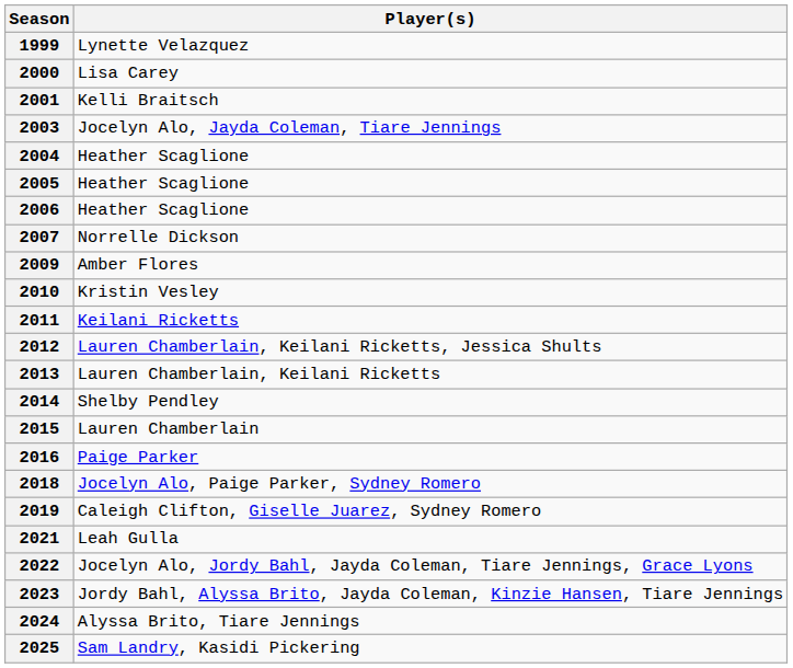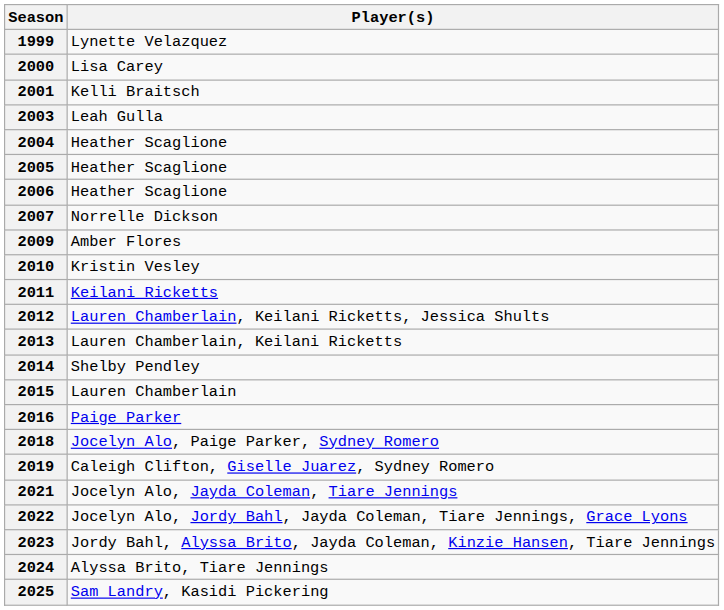 <table class="sortable plainrowheaders wikitable">
 <tr>
 <th scope="col" class="unsortable">Season</th>
 <th scope="col" class="unsortable">Player(s)</th>
 </tr>
 <tr>
 <th scope="row" style="text-align:center">1999</th>
 <td>Lynette Velazquez</td>
 </tr>
 <tr>
 <th scope="row" style="text-align:center">2000</th>
 <td>Lisa Carey</td>
 </tr>
 <tr>
 <th scope="row" style="text-align:center">2001</th>
 <td>Kelli Braitsch</td>
 </tr>
 <tr>
 <th scope="row" style="text-align:center">2003</th>
-<td>Jocelyn Alo, <a href='#'>Jayda Coleman</a>, <a href='#'>Tiare Jennings</a></td>
+<td>Leah Gulla</td>
 </tr>
 <tr>
 <th scope="row" style="text-align:center">2004</th>
 <td>Heather Scaglione</td>
 </tr>
 <tr>
 <th scope="row" style="text-align:center">2005</th>
 <td>Heather Scaglione</td>
 </tr>
 <tr>
 <th scope="row" style="text-align:center">2006</th>
 <td>Heather Scaglione</td>
 </tr>
 <tr>
 <th scope="row" style="text-align:center">2007</th>
 <td>Norrelle Dickson</td>
 </tr>
 <tr>
 <th scope="row" style="text-align:center">2009</th>
 <td>Amber Flores</td>
 </tr>
 <tr>
 <th scope="row" style="text-align:center">2010</th>
 <td>Kristin Vesley</td>
 </tr>
 <tr>
 <th scope="row" style="text-align:center">2011</th>
 <td><a href='#'>Keilani Ricketts</a></td>
 </tr>
 <tr>
 <th scope="row" style="text-align:center">2012</th>
 <td><a href='#'>Lauren Chamberlain</a>, Keilani Ricketts, Jessica Shults</td>
 </tr>
 <tr>
 <th scope="row" style="text-align:center">2013</th>
 <td>Lauren Chamberlain, Keilani Ricketts</td>
 </tr>
 <tr>
 <th scope="row" style="text-align:center">2014</th>
 <td>Shelby Pendley</td>
 </tr>
 <tr>
 <th scope="row" style="text-align:center">2015</th>
 <td>Lauren Chamberlain</td>
 </tr>
 <tr>
 <th scope="row" style="text-align:center">2016</th>
 <td><a href='#'>Paige Parker</a></td>
 </tr>
 <tr>
 <th scope="row" style="text-align:center">2018</th>
 <td><a href='#'>Jocelyn Alo</a>, Paige Parker, <a href='#'>Sydney Romero</a></td>
 </tr>
 <tr>
 <th scope="row" style="text-align:center">2019</th>
 <td>Caleigh Clifton, <a href='#'>Giselle Juarez</a>, Sydney Romero</td>
 </tr>
 <tr>
 <th scope="row" style="text-align:center">2021</th>
-<td>Leah Gulla</td>
+<td>Jocelyn Alo, <a href='#'>Jayda Coleman</a>, <a href='#'>Tiare Jennings</a></td>
 </tr>
 <tr>
 <th scope="row" style="text-align:center">2022</th>
 <td>Jocelyn Alo, <a href='#'>Jordy Bahl</a>, Jayda Coleman, Tiare Jennings, <a href='#'>Grace Lyons</a></td>
 </tr>
 <tr>
 <th scope="row" style="text-align:center">2023</th>
 <td>Jordy Bahl, <a href='#'>Alyssa Brito</a>, Jayda Coleman, <a href='#'>Kinzie Hansen</a>, Tiare Jennings</td>
 </tr>
 <tr>
 <th scope="row" style="text-align:center">2024</th>
 <td>Alyssa Brito, Tiare Jennings</td>
 </tr>
 <tr>
 <th scope="row" style="text-align:center">2025</th>
 <td><a href='#'>Sam Landry</a>, Kasidi Pickering</td>
 </tr>
 </table>
